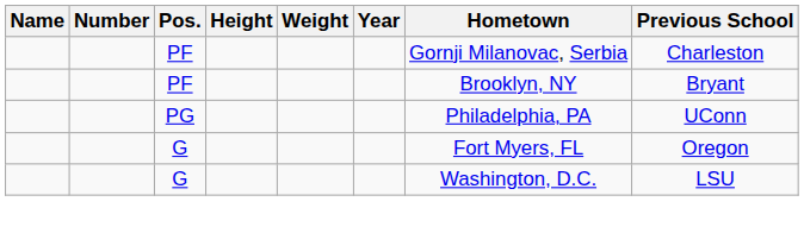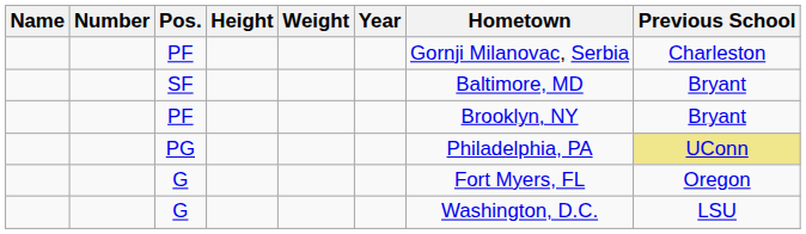 <table class="wikitable sortable sortable" style="text-align: center">
 <tr align=center>
 <th>Name</th>
 <th>Number</th>
 <th>Pos.</th>
 <th>Height</th>
 <th>Weight</th>
 <th>Year</th>
 <th>Hometown</th>
 <th>Previous School</th>
 </tr>
 <tr>
 <td></td>
 <td></td>
 <td><a href='#'>PF</a></td>
 <td></td>
 <td></td>
 <td></td>
 <td><a href='#'>Gornji Milanovac</a>, <a href='#'>Serbia</a></td>
 <td><a href='#'>Charleston</a></td>
 </tr>
 <tr>
 <td></td>
 <td></td>
+<td><a href='#'>SF</a></td>
+<td></td>
+<td></td>
+<td></td>
+<td><a href='#'>Baltimore, MD</a></td>
+<td><a href='#'>Bryant</a></td>
+</tr>
+<tr>
+<td></td>
+<td></td>
 <td><a href='#'>PF</a></td>
 <td></td>
 <td></td>
 <td></td>
 <td><a href='#'>Brooklyn, NY</a></td>
 <td><a href='#'>Bryant</a></td>
 </tr>
 <tr>
 <td></td>
 <td></td>
 <td><a href='#'>PG</a></td>
 <td></td>
 <td></td>
 <td></td>
 <td><a href='#'>Philadelphia, PA</a></td>
-<td><a href='#'>UConn</a></td>
+<td style="background: khaki;"><a href='#'>UConn</a></td>
 </tr>
 <tr>
 <td></td>
 <td></td>
 <td><a href='#'>G</a></td>
 <td></td>
 <td></td>
 <td></td>
 <td><a href='#'>Fort Myers, FL</a></td>
 <td><a href='#'>Oregon</a></td>
 </tr>
 <tr>
 <td></td>
 <td></td>
 <td><a href='#'>G</a></td>
 <td></td>
 <td></td>
 <td></td>
 <td><a href='#'>Washington, D.C.</a></td>
 <td><a href='#'>LSU</a></td>
 </tr>
 </table>
